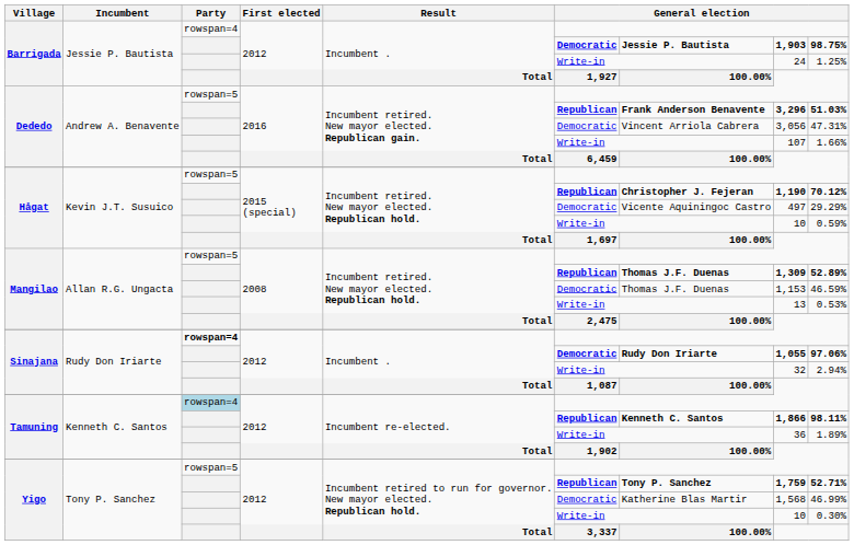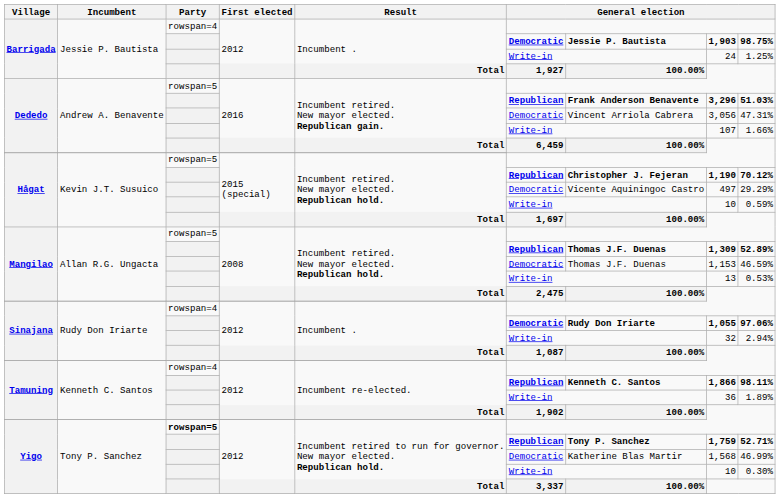 <table class="wikitable">
 <tr valign=bottom>
 <th>Village</th>
 <th>Incumbent</th>
 <th>Party</th>
 <th>First elected</th>
 <th>Result</th>
 <th colspan=5>General election</th>
 </tr>
 <tr>
 <th rowspan=4><a href='#'>Barrigada</a></th>
 <td rowspan=4>Jessie P. Bautista</td>
 <td>rowspan=4 </td>
 <td rowspan=4>2012</td>
 <td rowspan=4>Incumbent .</td>
 </tr>
 <tr>
 <th style="background-color:"></th>
 <td style="text-align:left;"><strong><a href='#'>Democratic</a></strong></td>
 <td style="text-align:left;"><strong>Jessie P. Bautista</strong></td>
 <td style="text-align:right;"><strong>1,903</strong></td>
 <td style="text-align:right;"><strong>98.75%</strong></td>
 </tr>
 <tr>
 <th style="background-color:"></th>
 <td colspan=2 style="text-align:left;"><a href='#'>Write-in</a></td>
 <td style="text-align:right;">24</td>
 <td style="text-align:right;">1.25%</td>
 </tr>
 <tr>
 <th colspan=3 style="text-align:right;">Total</th>
 <th style="text-align:right;">1,927</th>
 <th style="text-align:right;">100.00%</th>
 </tr>
 <tr>
 <th rowspan=5><a href='#'>Dededo</a></th>
 <td rowspan=5>Andrew A. Benavente</td>
 <td>rowspan=5 </td>
 <td rowspan=5>2016</td>
 <td rowspan=5 >Incumbent retired.<br>New mayor elected.<br><strong>Republican gain.</strong></td>
 </tr>
 <tr>
 <th style="background-color:"></th>
 <td style="text-align:left;"><strong><a href='#'>Republican</a></strong></td>
 <td style="text-align:left;"><strong>Frank Anderson Benavente</strong></td>
 <td style="text-align:right;"><strong>3,296</strong></td>
 <td style="text-align:right;"><strong>51.03%</strong></td>
 </tr>
 <tr>
 <th style="background-color:"></th>
 <td style="text-align:left;"><a href='#'>Democratic</a></td>
 <td style="text-align:left;">Vincent Arriola Cabrera</td>
 <td style="text-align:right;">3,056</td>
 <td style="text-align:right;">47.31%</td>
 </tr>
 <tr>
 <th style="background-color:"></th>
 <td colspan=2 style="text-align:left;"><a href='#'>Write-in</a></td>
 <td style="text-align:right;">107</td>
 <td style="text-align:right;">1.66%</td>
 </tr>
 <tr>
 <th colspan=3 style="text-align:right;">Total</th>
 <th style="text-align:right;">6,459</th>
 <th style="text-align:right;">100.00%</th>
 </tr>
 <tr>
 </tr>
 <tr>
 <th rowspan=5><a href='#'>Hågat</a></th>
 <td rowspan=5>Kevin J.T. Susuico</td>
 <td>rowspan=5 </td>
 <td rowspan=5>2015<br>(special)</td>
 <td rowspan=5 >Incumbent retired.<br>New mayor elected.<br><strong>Republican hold.</strong></td>
 </tr>
 <tr>
 <th style="background-color:"></th>
 <td style="text-align:left;"><strong><a href='#'>Republican</a></strong></td>
 <td style="text-align:left;"><strong>Christopher J. Fejeran</strong></td>
 <td style="text-align:right;"><strong>1,190</strong></td>
 <td style="text-align:right;"><strong>70.12%</strong></td>
 </tr>
 <tr>
 <th style="background-color:"></th>
 <td style="text-align:left;"><a href='#'>Democratic</a></td>
 <td style="text-align:left;">Vicente Aquiningoc Castro</td>
 <td style="text-align:right;">497</td>
 <td style="text-align:right;">29.29%</td>
 </tr>
 <tr>
 <th style="background-color:"></th>
 <td colspan=2 style="text-align:left;"><a href='#'>Write-in</a></td>
 <td style="text-align:right;">10</td>
 <td style="text-align:right;">0.59%</td>
 </tr>
 <tr>
 <th colspan=3 style="text-align:right;">Total</th>
 <th style="text-align:right;">1,697</th>
 <th style="text-align:right;">100.00%</th>
 </tr>
 <tr>
 <th rowspan=5><a href='#'>Mangilao</a></th>
 <td rowspan=5>Allan R.G. Ungacta</td>
 <td>rowspan=5 </td>
 <td rowspan=5>2008</td>
 <td rowspan=5 >Incumbent retired.<br>New mayor elected.<br><strong>Republican hold.</strong></td>
 </tr>
 <tr>
 <th style="background-color:"></th>
 <td style="text-align:left;"><strong><a href='#'>Republican</a></strong></td>
 <td style="text-align:left;"><strong>Thomas J.F. Duenas</strong></td>
 <td style="text-align:right;"><strong>1,309</strong></td>
 <td style="text-align:right;"><strong>52.89%</strong></td>
 </tr>
 <tr>
 <th style="background-color:"></th>
 <td style="text-align:left;"><a href='#'>Democratic</a></td>
 <td style="text-align:left;">Thomas J.F. Duenas</td>
 <td style="text-align:right;">1,153</td>
 <td style="text-align:right;">46.59%</td>
 </tr>
 <tr>
 <th style="background-color:"></th>
 <td colspan=2 style="text-align:left;"><a href='#'>Write-in</a></td>
 <td style="text-align:right;">13</td>
 <td style="text-align:right;">0.53%</td>
 </tr>
 <tr>
 <th colspan=3 style="text-align:right;">Total</th>
 <th style="text-align:right;">2,475</th>
 <th style="text-align:right;">100.00%</th>
 </tr>
 <tr>
 </tr>
 <tr>
 <th rowspan=4><a href='#'>Sinajana</a></th>
 <td rowspan=4>Rudy Don Iriarte</td>
-<td><strong>rowspan=4 </strong></td>
+<td>rowspan=4 </td>
 <td rowspan=4>2012</td>
 <td rowspan=4>Incumbent .</td>
 </tr>
 <tr>
 <th style="background-color:"></th>
 <td style="text-align:left;"><strong><a href='#'>Democratic</a></strong></td>
 <td style="text-align:left;"><strong>Rudy Don Iriarte</strong></td>
 <td style="text-align:right;"><strong>1,055</strong></td>
 <td style="text-align:right;"><strong>97.06%</strong></td>
 </tr>
 <tr>
 <th style="background-color:"></th>
 <td colspan=2 style="text-align:left;"><a href='#'>Write-in</a></td>
 <td style="text-align:right;">32</td>
 <td style="text-align:right;">2.94%</td>
 </tr>
 <tr>
 <th colspan=3 style="text-align:right;">Total</th>
 <th style="text-align:right;">1,087</th>
 <th style="text-align:right;">100.00%</th>
 </tr>
 <tr>
 </tr>
 <tr>
 <th rowspan=4><a href='#'>Tamuning</a></th>
 <td rowspan=4>Kenneth C. Santos</td>
-<td style="background: lightblue;">rowspan=4 </td>
+<td>rowspan=4 </td>
 <td rowspan=4>2012</td>
 <td rowspan=4>Incumbent re-elected.</td>
 </tr>
 <tr>
 <th style="background-color:"></th>
 <td style="text-align:left;"><strong><a href='#'>Republican</a></strong></td>
 <td style="text-align:left;"><strong>Kenneth C. Santos</strong></td>
 <td style="text-align:right;"><strong>1,866</strong></td>
 <td style="text-align:right;"><strong>98.11%</strong></td>
 </tr>
 <tr>
 <th style="background-color:"></th>
 <td colspan=2 style="text-align:left;"><a href='#'>Write-in</a></td>
 <td style="text-align:right;">36</td>
 <td style="text-align:right;">1.89%</td>
 </tr>
 <tr>
 <th colspan=3 style="text-align:right;">Total</th>
 <th style="text-align:right;">1,902</th>
 <th style="text-align:right;">100.00%</th>
 </tr>
 <tr>
 </tr>
 <tr>
 <th rowspan=5><a href='#'>Yigo</a></th>
 <td rowspan=5>Tony P. Sanchez</td>
-<td>rowspan=5 </td>
+<td><strong>rowspan=5 </strong></td>
 <td rowspan=5>2012</td>
 <td rowspan=5 >Incumbent retired to run for governor.<br>New mayor elected.<br><strong>Republican hold.</strong></td>
 </tr>
 <tr>
 <th style="background-color:"></th>
 <td style="text-align:left;"><strong><a href='#'>Republican</a></strong></td>
 <td style="text-align:left;"><strong>Tony P. Sanchez</strong></td>
 <td style="text-align:right;"><strong>1,759</strong></td>
 <td style="text-align:right;"><strong>52.71%</strong></td>
 </tr>
 <tr>
 <th style="background-color:"></th>
 <td style="text-align:left;"><a href='#'>Democratic</a></td>
 <td style="text-align:left;">Katherine Blas Martir</td>
 <td style="text-align:right;">1,568</td>
 <td style="text-align:right;">46.99%</td>
 </tr>
 <tr>
 <th style="background-color:"></th>
 <td colspan=2 style="text-align:left;"><a href='#'>Write-in</a></td>
 <td style="text-align:right;">10</td>
 <td style="text-align:right;">0.30%</td>
 </tr>
 <tr>
 <th colspan=3 style="text-align:right;">Total</th>
 <th style="text-align:right;">3,337</th>
 <th style="text-align:right;">100.00%</th>
 </tr>
 </table>
